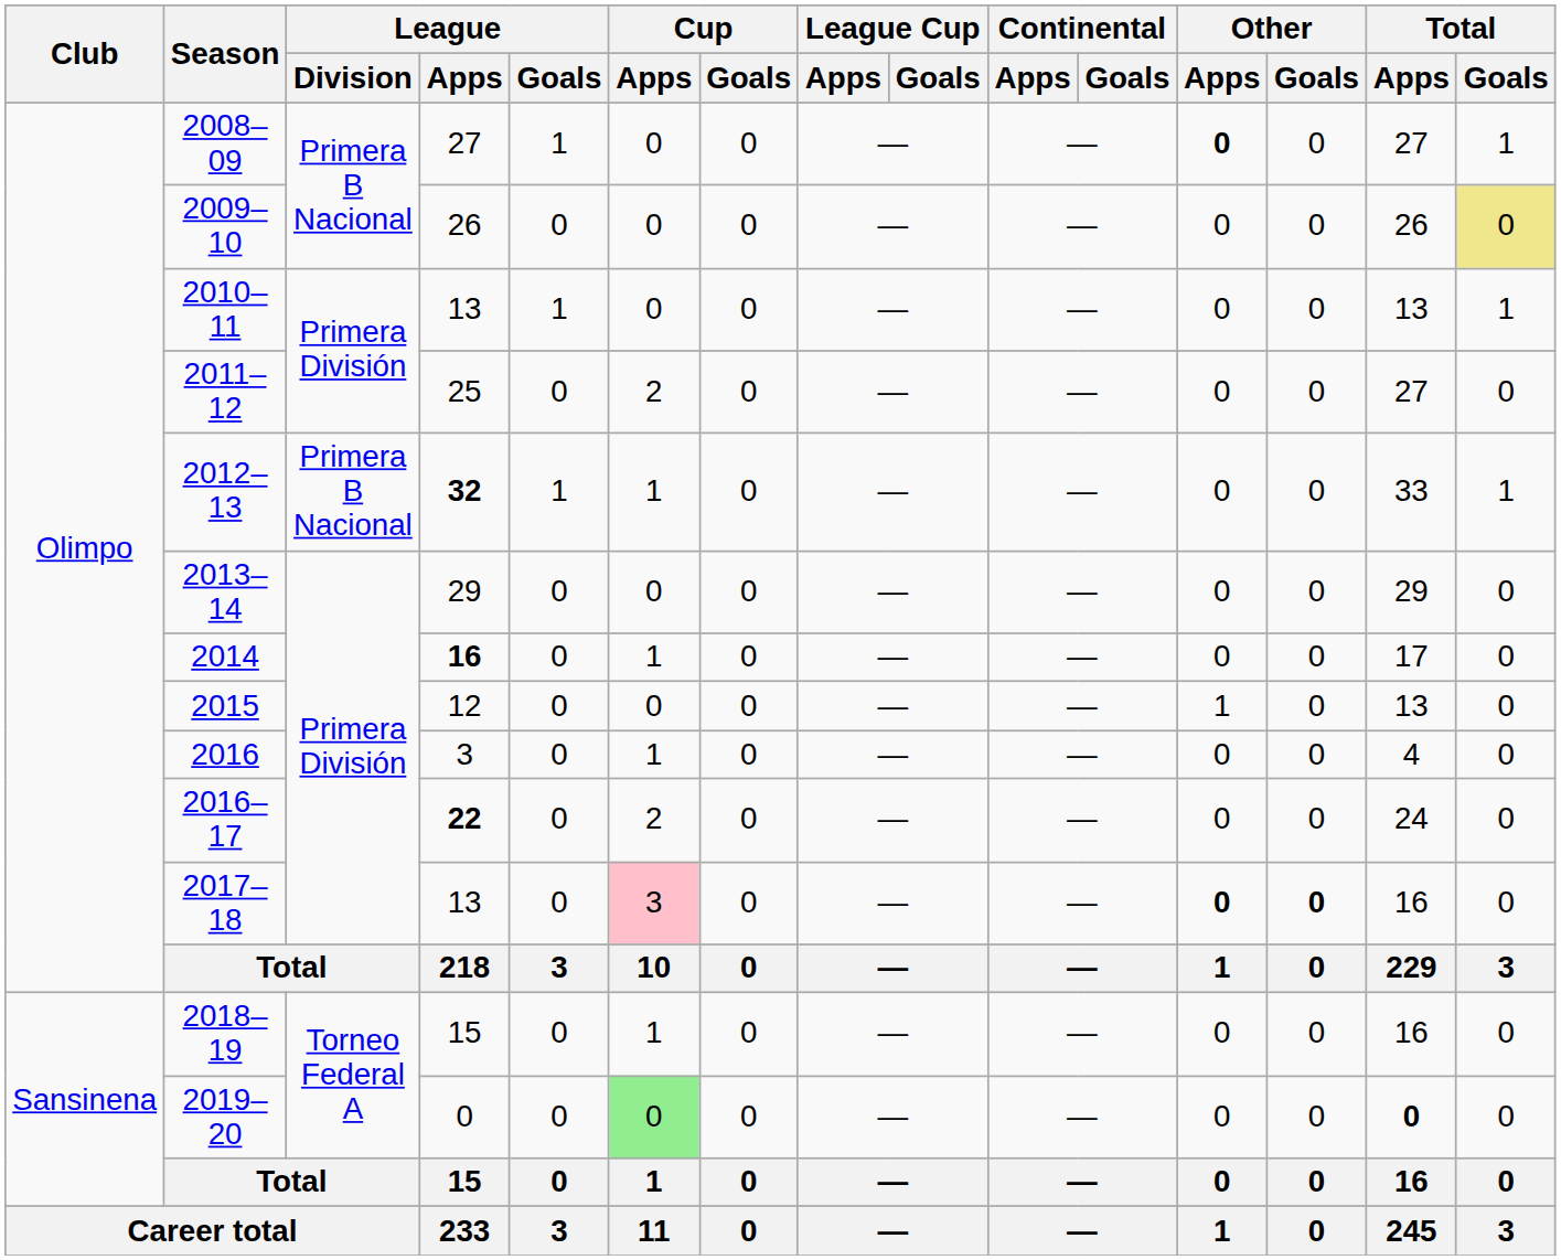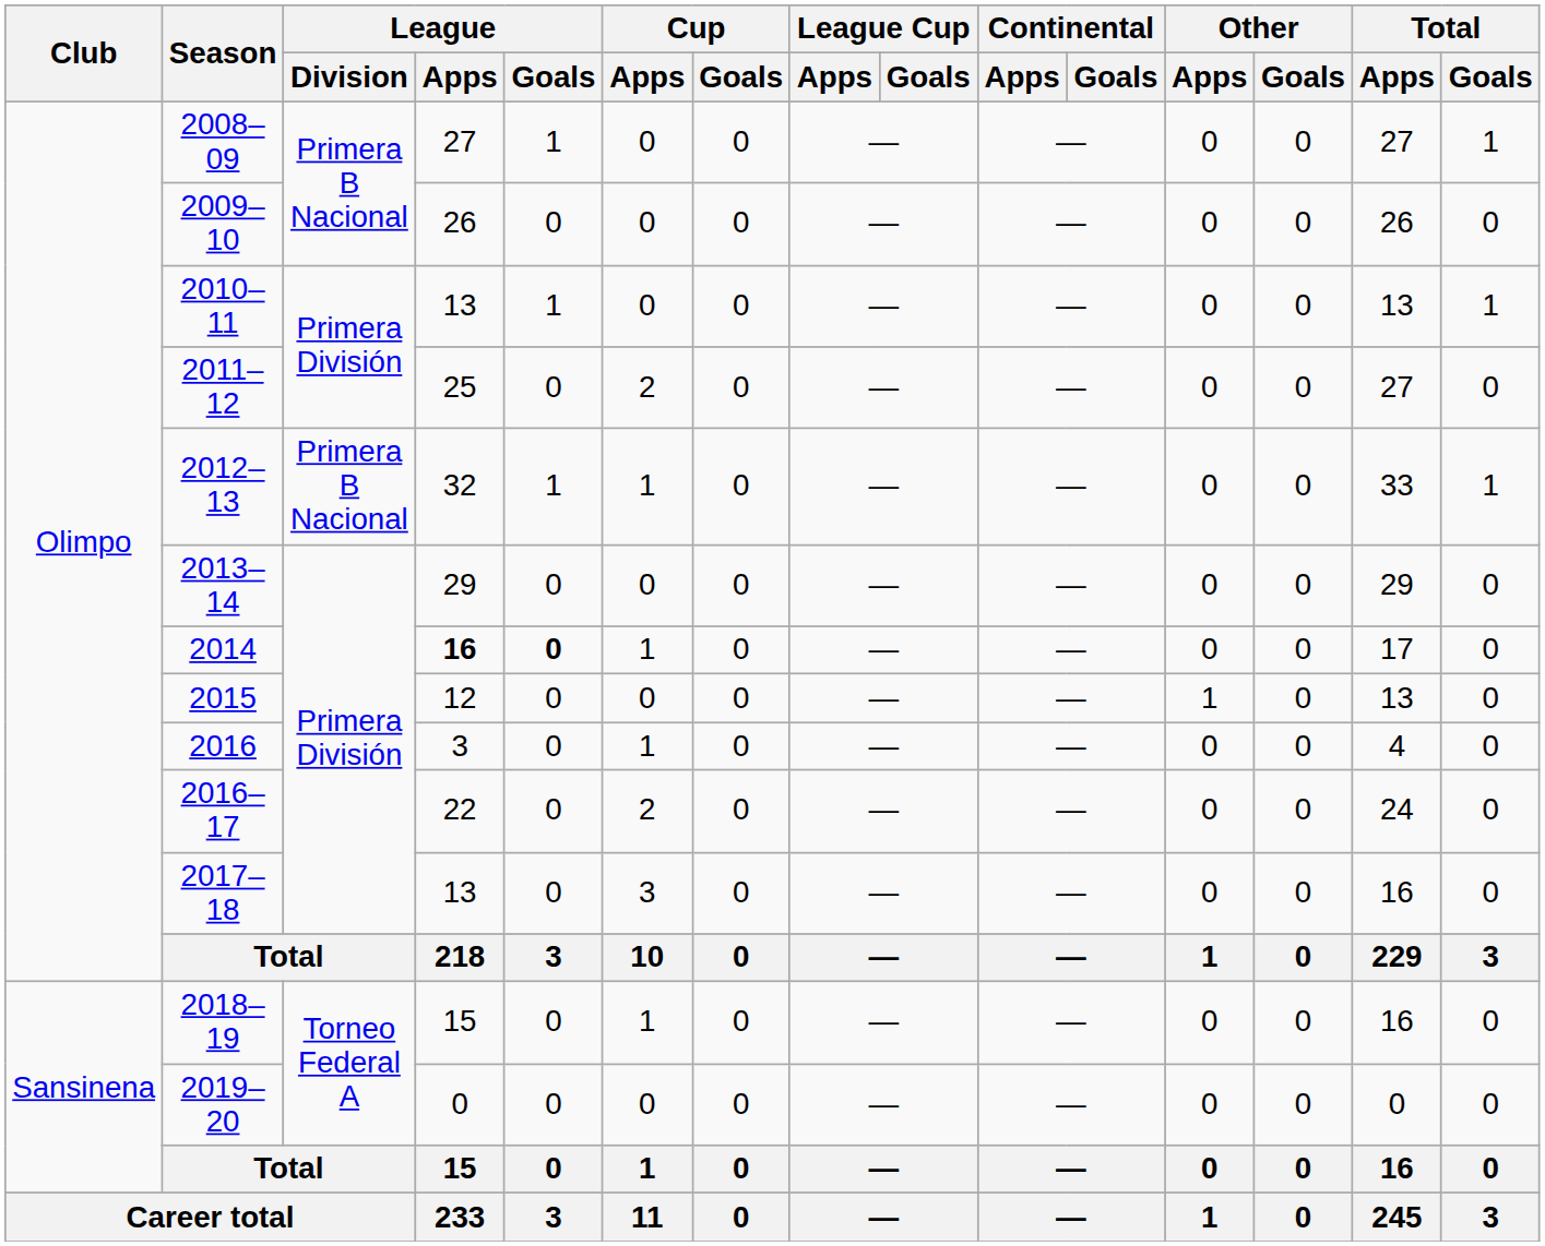 <table class="wikitable" style="text-align:center">
 <tr>
 <th rowspan="2">Club</th>
 <th rowspan="2">Season</th>
 <th colspan="3">League</th>
 <th colspan="2">Cup</th>
 <th colspan="2">League Cup</th>
 <th colspan="2">Continental</th>
 <th colspan="2">Other</th>
 <th colspan="2">Total</th>
 </tr>
 <tr>
 <th>Division</th>
 <th>Apps</th>
 <th>Goals</th>
 <th>Apps</th>
 <th>Goals</th>
 <th>Apps</th>
 <th>Goals</th>
 <th>Apps</th>
 <th>Goals</th>
 <th>Apps</th>
 <th>Goals</th>
 <th>Apps</th>
 <th>Goals</th>
 </tr>
 <tr>
 <td rowspan="12"><a href='#'>Olimpo</a></td>
 <td><a href='#'>2008–09</a></td>
 <td rowspan="2"><a href='#'>Primera B Nacional</a></td>
 <td>27</td>
 <td>1</td>
 <td>0</td>
 <td>0</td>
 <td colspan="2">—</td>
 <td colspan="2">—</td>
-<td><strong>0</strong></td>
+<td>0</td>
 <td>0</td>
 <td>27</td>
 <td>1</td>
 </tr>
 <tr>
 <td><a href='#'>2009–10</a></td>
 <td>26</td>
 <td>0</td>
 <td>0</td>
 <td>0</td>
 <td colspan="2">—</td>
 <td colspan="2">—</td>
 <td>0</td>
 <td>0</td>
 <td>26</td>
-<td style="background: khaki;">0</td>
+<td>0</td>
 </tr>
 <tr>
 <td><a href='#'>2010–11</a></td>
 <td rowspan="2"><a href='#'>Primera División</a></td>
 <td>13</td>
 <td>1</td>
 <td>0</td>
 <td>0</td>
 <td colspan="2">—</td>
 <td colspan="2">—</td>
 <td>0</td>
 <td>0</td>
 <td>13</td>
 <td>1</td>
 </tr>
 <tr>
 <td><a href='#'>2011–12</a></td>
 <td>25</td>
 <td>0</td>
 <td>2</td>
 <td>0</td>
 <td colspan="2">—</td>
 <td colspan="2">—</td>
 <td>0</td>
 <td>0</td>
 <td>27</td>
 <td>0</td>
 </tr>
 <tr>
 <td><a href='#'>2012–13</a></td>
 <td rowspan="1"><a href='#'>Primera B Nacional</a></td>
-<td><strong>32</strong></td>
+<td>32</td>
 <td>1</td>
 <td>1</td>
 <td>0</td>
 <td colspan="2">—</td>
 <td colspan="2">—</td>
 <td>0</td>
 <td>0</td>
 <td>33</td>
 <td>1</td>
 </tr>
 <tr>
 <td><a href='#'>2013–14</a></td>
 <td rowspan="6"><a href='#'>Primera División</a></td>
 <td>29</td>
 <td>0</td>
 <td>0</td>
 <td>0</td>
 <td colspan="2">—</td>
 <td colspan="2">—</td>
 <td>0</td>
 <td>0</td>
 <td>29</td>
 <td>0</td>
 </tr>
 <tr>
 <td><a href='#'>2014</a></td>
 <td><strong>16</strong></td>
-<td>0</td>
+<td><strong>0</strong></td>
 <td>1</td>
 <td>0</td>
 <td colspan="2">—</td>
 <td colspan="2">—</td>
 <td>0</td>
 <td>0</td>
 <td>17</td>
 <td>0</td>
 </tr>
 <tr>
 <td><a href='#'>2015</a></td>
 <td>12</td>
 <td>0</td>
 <td>0</td>
 <td>0</td>
 <td colspan="2">—</td>
 <td colspan="2">—</td>
 <td>1</td>
 <td>0</td>
 <td>13</td>
 <td>0</td>
 </tr>
 <tr>
 <td><a href='#'>2016</a></td>
 <td>3</td>
 <td>0</td>
 <td>1</td>
 <td>0</td>
 <td colspan="2">—</td>
 <td colspan="2">—</td>
 <td>0</td>
 <td>0</td>
 <td>4</td>
 <td>0</td>
 </tr>
 <tr>
 <td><a href='#'>2016–17</a></td>
-<td><strong>22</strong></td>
+<td>22</td>
 <td>0</td>
 <td>2</td>
 <td>0</td>
 <td colspan="2">—</td>
 <td colspan="2">—</td>
 <td>0</td>
 <td>0</td>
 <td>24</td>
 <td>0</td>
 </tr>
 <tr>
 <td><a href='#'>2017–18</a></td>
 <td>13</td>
 <td>0</td>
-<td style="background: pink;">3</td>
+<td>3</td>
 <td>0</td>
 <td colspan="2">—</td>
 <td colspan="2">—</td>
-<td><strong>0</strong></td>
-<td><strong>0</strong></td>
+<td>0</td>
+<td>0</td>
 <td>16</td>
 <td>0</td>
 </tr>
 <tr>
 <th colspan="2">Total</th>
 <th>218</th>
 <th>3</th>
 <th>10</th>
 <th>0</th>
 <th colspan="2">—</th>
 <th colspan="2">—</th>
 <th>1</th>
 <th>0</th>
 <th>229</th>
 <th>3</th>
 </tr>
 <tr>
 <td rowspan="3"><a href='#'>Sansinena</a></td>
 <td><a href='#'>2018–19</a></td>
 <td rowspan="2"><a href='#'>Torneo Federal A</a></td>
 <td>15</td>
 <td>0</td>
 <td>1</td>
 <td>0</td>
 <td colspan="2">—</td>
 <td colspan="2">—</td>
 <td>0</td>
 <td>0</td>
 <td>16</td>
 <td>0</td>
 </tr>
 <tr>
 <td><a href='#'>2019–20</a></td>
 <td>0</td>
 <td>0</td>
-<td style="background: lightgreen;">0</td>
+<td>0</td>
 <td>0</td>
 <td colspan="2">—</td>
 <td colspan="2">—</td>
 <td>0</td>
 <td>0</td>
-<td><strong>0</strong></td>
+<td>0</td>
 <td>0</td>
 </tr>
 <tr>
 <th colspan="2">Total</th>
 <th>15</th>
 <th>0</th>
 <th>1</th>
 <th>0</th>
 <th colspan="2">—</th>
 <th colspan="2">—</th>
 <th>0</th>
 <th>0</th>
 <th>16</th>
 <th>0</th>
 </tr>
 <tr>
 <th colspan="3">Career total</th>
 <th>233</th>
 <th>3</th>
 <th>11</th>
 <th>0</th>
 <th colspan="2">—</th>
 <th colspan="2">—</th>
 <th>1</th>
 <th>0</th>
 <th>245</th>
 <th>3</th>
 </tr>
 </table>
